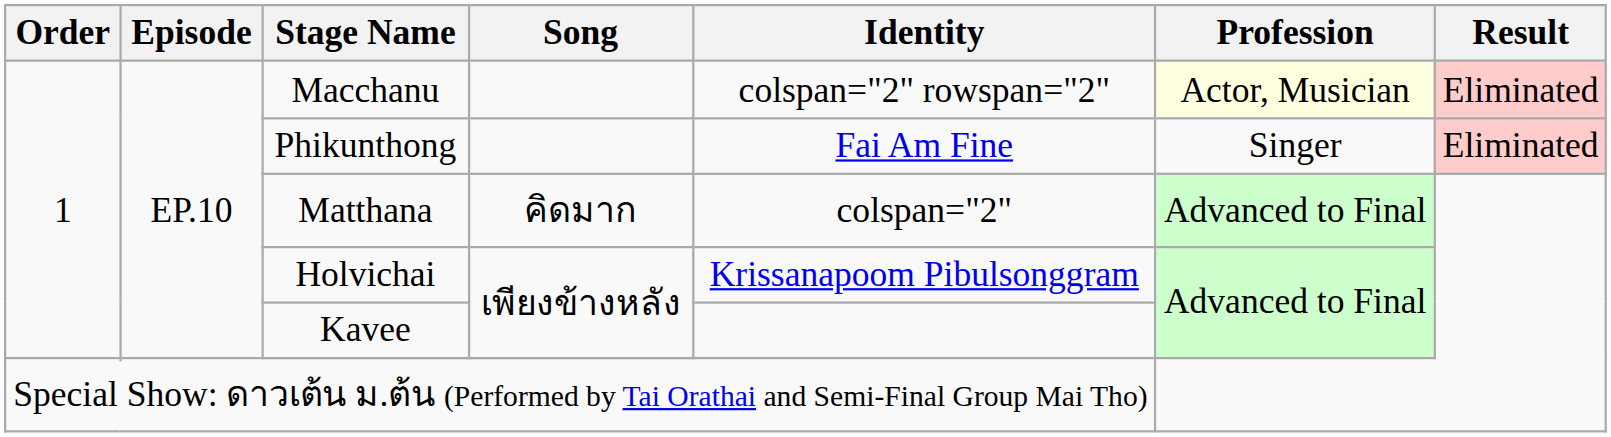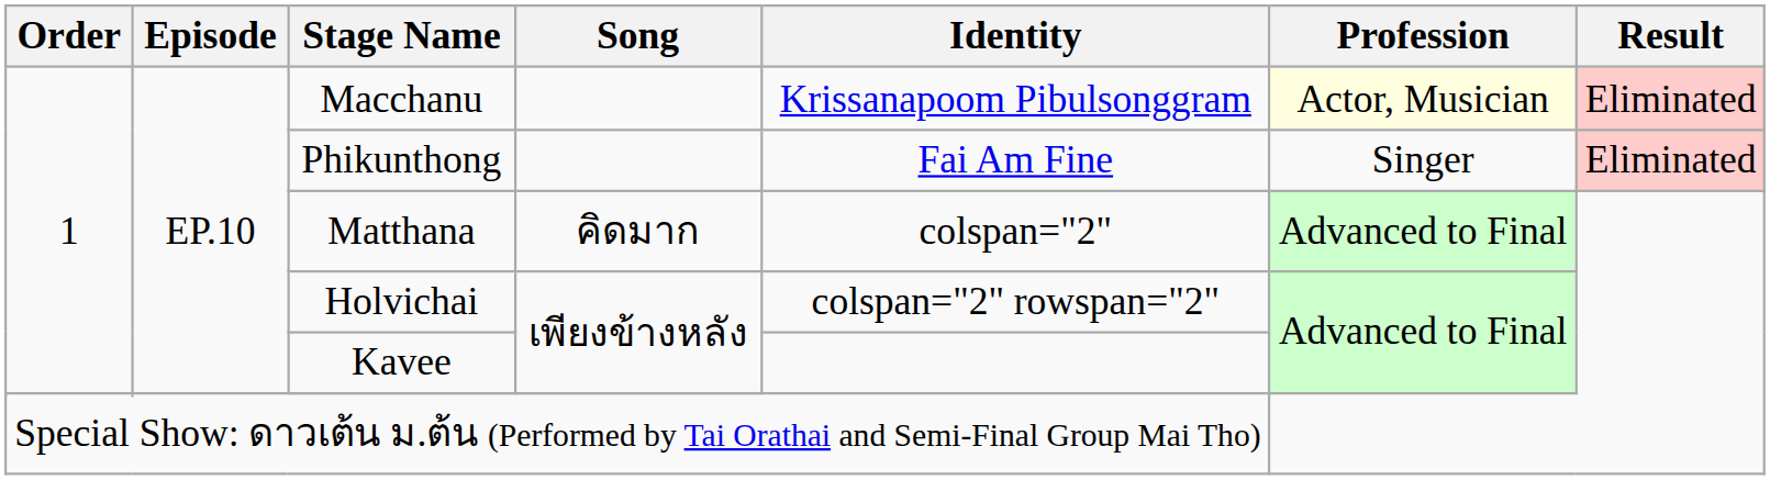 <table class="wikitable" style="text-align:center">
 <tr>
 <th>Order</th>
 <th>Episode</th>
 <th>Stage Name</th>
 <th>Song</th>
 <th>Identity</th>
 <th>Profession</th>
 <th>Result</th>
 </tr>
 <tr>
 <td rowspan="6">1</td>
 <td rowspan="6">EP.10</td>
 <td>Macchanu</td>
 <td></td>
-<td>colspan="2" rowspan="2" </td>
+<td><a href='#'>Krissanapoom Pibulsonggram</a></td>
 <td style="background: lightyellow;">Actor, Musician</td>
 <td style="text-align:center; background:#ffcccc;">Eliminated</td>
 </tr>
 <tr>
 <td>Phikunthong</td>
 <td></td>
 <td><a href='#'>Fai Am Fine</a></td>
 <td>Singer</td>
 <td style="text-align:center; background:#ffcccc;">Eliminated</td>
 </tr>
 <tr>
 <td>Matthana</td>
 <td>คิดมาก</td>
 <td>colspan="2"  </td>
 <td style="text-align:center; background:#ccffcc;">Advanced to Final</td>
 </tr>
 <tr>
 <td>Holvichai</td>
 <td rowspan="2">เพียงข้างหลัง</td>
-<td><a href='#'>Krissanapoom Pibulsonggram</a></td>
+<td>colspan="2" rowspan="2" </td>
 <td rowspan="2" style="text-align:center; background:#ccffcc;">Advanced to Final</td>
 </tr>
 <tr>
 <td style="text-align:center;">Kavee</td>
 </tr>
 <tr>
 </tr>
 <tr>
 <td colspan="5">Special Show: ดาวเต้น ม.ต้น <small>(Performed by <a href='#'>Tai Orathai</a> and Semi-Final Group Mai Tho)</small></td>
 </tr>
 </table>
